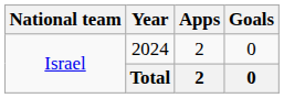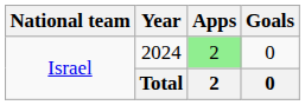 <table class="wikitable" style="text-align: center;">
 <tr>
 <th>National team</th>
 <th>Year</th>
 <th>Apps</th>
 <th>Goals</th>
 </tr>
 <tr>
 <td rowspan="4"><a href='#'>Israel</a></td>
 <td>2024</td>
-<td>2</td>
+<td style="background: lightgreen;">2</td>
 <td>0</td>
 </tr>
 <tr>
 <th>Total</th>
 <th>2</th>
 <th>0</th>
 </tr>
 </table>
